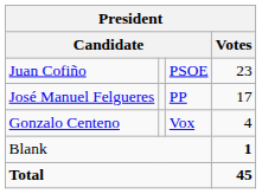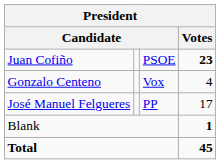 <table class="wikitable" style="font-size:90%; text-align:right;">
 <tr>
 <th colspan="4">President</th>
 </tr>
 <tr>
 <th colspan="3">Candidate</th>
 <th>Votes</th>
 </tr>
 <tr>
 <td align=left><a href='#'>Juan Cofiño</a></td>
 <td style="background:"></td>
 <td align=left><a href='#'>PSOE</a></td>
-<td>23</td>
+<td><strong>23</strong></td>
+</tr>
+<tr>
+<td align=left><a href='#'>Gonzalo Centeno</a></td>
+<td style="background:"></td>
+<td align=left><a href='#'>Vox</a></td>
+<td>4</td>
 </tr>
 <tr>
 <td align=left><a href='#'>José Manuel Felgueres</a></td>
 <td style="background:"></td>
 <td align=left><a href='#'>PP</a></td>
 <td>17</td>
-</tr>
-<tr>
-<td align=left><a href='#'>Gonzalo Centeno</a></td>
-<td style="background:"></td>
-<td align=left><a href='#'>Vox</a></td>
-<td>4</td>
 </tr>
 <tr>
 <td align=left colspan="3">Blank</td>
 <td><strong>1</strong></td>
 </tr>
 <tr style="font-weight:bold">
 <td align=left colspan="3">Total</td>
 <td>45</td>
 </tr>
 </table>
